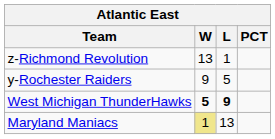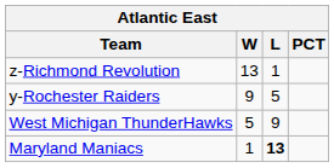 <table class="wikitable" style="text-align:center">
 <tr>
 <th colspan=4>Atlantic East</th>
 </tr>
 <tr>
 <th>Team</th>
 <th>W</th>
 <th>L</th>
 <th>PCT</th>
 </tr>
 <tr>
 <td align=left>z-<a href='#'>Richmond Revolution</a></td>
 <td>13</td>
 <td>1</td>
 <td></td>
 </tr>
 <tr>
 <td align=left>y-<a href='#'>Rochester Raiders</a></td>
 <td>9</td>
 <td>5</td>
 <td></td>
 </tr>
 <tr>
 <td align=left><a href='#'>West Michigan ThunderHawks</a></td>
-<td><strong>5</strong></td>
-<td><strong>9</strong></td>
+<td>5</td>
+<td>9</td>
 <td></td>
 </tr>
 <tr>
 <td align=left><a href='#'>Maryland Maniacs</a></td>
-<td style="background: khaki;">1</td>
-<td>13</td>
+<td>1</td>
+<td><strong>13</strong></td>
 <td></td>
 </tr>
 </table>
